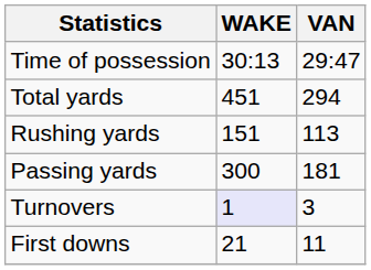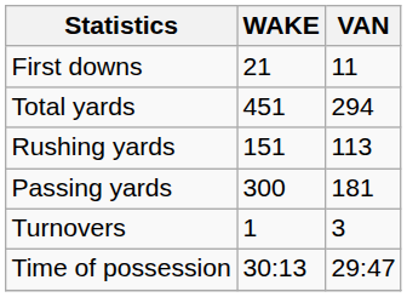 <table class="wikitable">
 <tr>
 <th>Statistics</th>
 <th>WAKE</th>
 <th>VAN</th>
 </tr>
 <tr>
-<td>Time of possession</td>
-<td>30:13</td>
-<td>29:47</td>
+<td>First downs</td>
+<td>21</td>
+<td>11</td>
 </tr>
 <tr>
 <td>Total yards</td>
 <td>451</td>
 <td>294</td>
 </tr>
 <tr>
 <td>Rushing yards</td>
 <td>151</td>
 <td>113</td>
 </tr>
 <tr>
 <td>Passing yards</td>
 <td>300</td>
 <td>181</td>
 </tr>
 <tr>
 <td>Turnovers</td>
-<td style="background: lavender;">1</td>
+<td>1</td>
 <td>3</td>
 </tr>
 <tr>
-<td>First downs</td>
-<td>21</td>
-<td>11</td>
+<td>Time of possession</td>
+<td>30:13</td>
+<td>29:47</td>
 </tr>
 <tr>
 </tr>
 </table>
